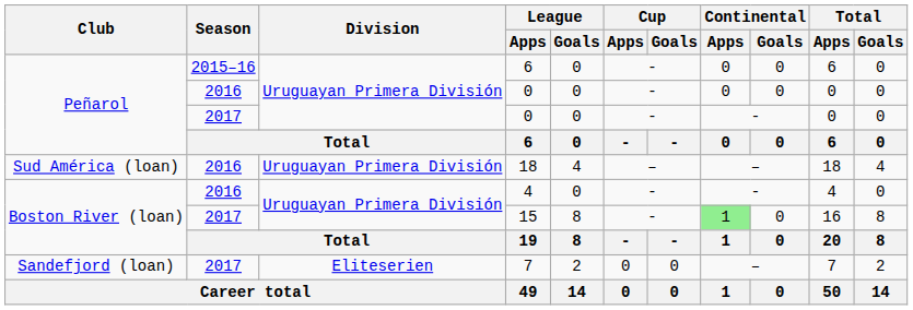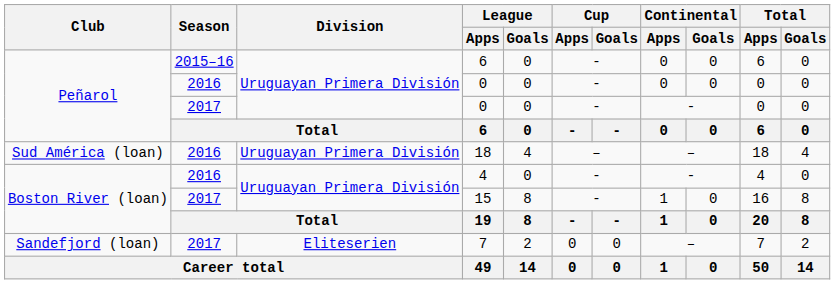 <table class="wikitable" style="text-align:center">
 <tr>
 <th rowspan="2">Club</th>
 <th rowspan="2">Season</th>
 <th rowspan="2">Division</th>
 <th colspan="2">League</th>
 <th colspan="2">Cup</th>
 <th colspan="2">Continental</th>
 <th colspan="2">Total</th>
 </tr>
 <tr>
 <th>Apps</th>
 <th>Goals</th>
 <th>Apps</th>
 <th>Goals</th>
 <th>Apps</th>
 <th>Goals</th>
 <th>Apps</th>
 <th>Goals</th>
 </tr>
 <tr>
 <td rowspan="4"><a href='#'>Peñarol</a></td>
 <td><a href='#'>2015–16</a></td>
 <td rowspan="3"><a href='#'>Uruguayan Primera División</a></td>
 <td>6</td>
 <td>0</td>
 <td colspan="2">-</td>
 <td>0</td>
 <td>0</td>
 <td>6</td>
 <td>0</td>
 </tr>
 <tr>
 <td><a href='#'>2016</a></td>
 <td>0</td>
 <td>0</td>
 <td colspan="2">-</td>
 <td>0</td>
 <td>0</td>
 <td>0</td>
 <td>0</td>
 </tr>
 <tr>
 <td><a href='#'>2017</a></td>
 <td>0</td>
 <td>0</td>
 <td colspan="2">-</td>
 <td colspan="2">-</td>
 <td>0</td>
 <td>0</td>
 </tr>
 <tr>
 <th colspan="2">Total</th>
 <th>6</th>
 <th>0</th>
 <th>-</th>
 <th>-</th>
 <th>0</th>
 <th>0</th>
 <th>6</th>
 <th>0</th>
 </tr>
 <tr>
 <td valign="center"><a href='#'>Sud América</a> (loan)</td>
 <td><a href='#'>2016</a></td>
 <td><a href='#'>Uruguayan Primera División</a></td>
 <td>18</td>
 <td>4</td>
 <td colspan="2">–</td>
 <td colspan="2">–</td>
 <td>18</td>
 <td>4</td>
 </tr>
 <tr>
 <td rowspan="3"><a href='#'>Boston River</a> (loan)</td>
 <td><a href='#'>2016</a></td>
 <td rowspan="2"><a href='#'>Uruguayan Primera División</a></td>
 <td>4</td>
 <td>0</td>
 <td colspan="2">-</td>
 <td colspan="2">-</td>
 <td>4</td>
 <td>0</td>
 </tr>
 <tr>
 <td><a href='#'>2017</a></td>
 <td>15</td>
 <td>8</td>
 <td colspan="2">-</td>
-<td style="background: lightgreen;">1</td>
+<td>1</td>
 <td>0</td>
 <td>16</td>
 <td>8</td>
 </tr>
 <tr>
 <th colspan="2">Total</th>
 <th>19</th>
 <th>8</th>
 <th>-</th>
 <th>-</th>
 <th>1</th>
 <th>0</th>
 <th>20</th>
 <th>8</th>
 </tr>
 <tr>
 <td valign="center"><a href='#'>Sandefjord</a> (loan)</td>
 <td><a href='#'>2017</a></td>
 <td><a href='#'>Eliteserien</a></td>
 <td>7</td>
 <td>2</td>
 <td>0</td>
 <td>0</td>
 <td colspan="2">–</td>
 <td>7</td>
 <td>2</td>
 </tr>
 <tr>
 <th colspan="3">Career total</th>
 <th>49</th>
 <th>14</th>
 <th>0</th>
 <th>0</th>
 <th>1</th>
 <th>0</th>
 <th>50</th>
 <th>14</th>
 </tr>
 </table>
